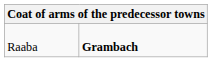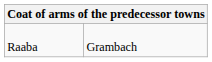 <table class="wikitable">
 <tr>
 <th colspan=2>Coat of arms of the predecessor towns</th>
 </tr>
 <tr>
 <td><br>Raaba</td>
-<td><strong><br>Grambach</strong></td>
+<td><br>Grambach</td>
 </tr>
 </table>
